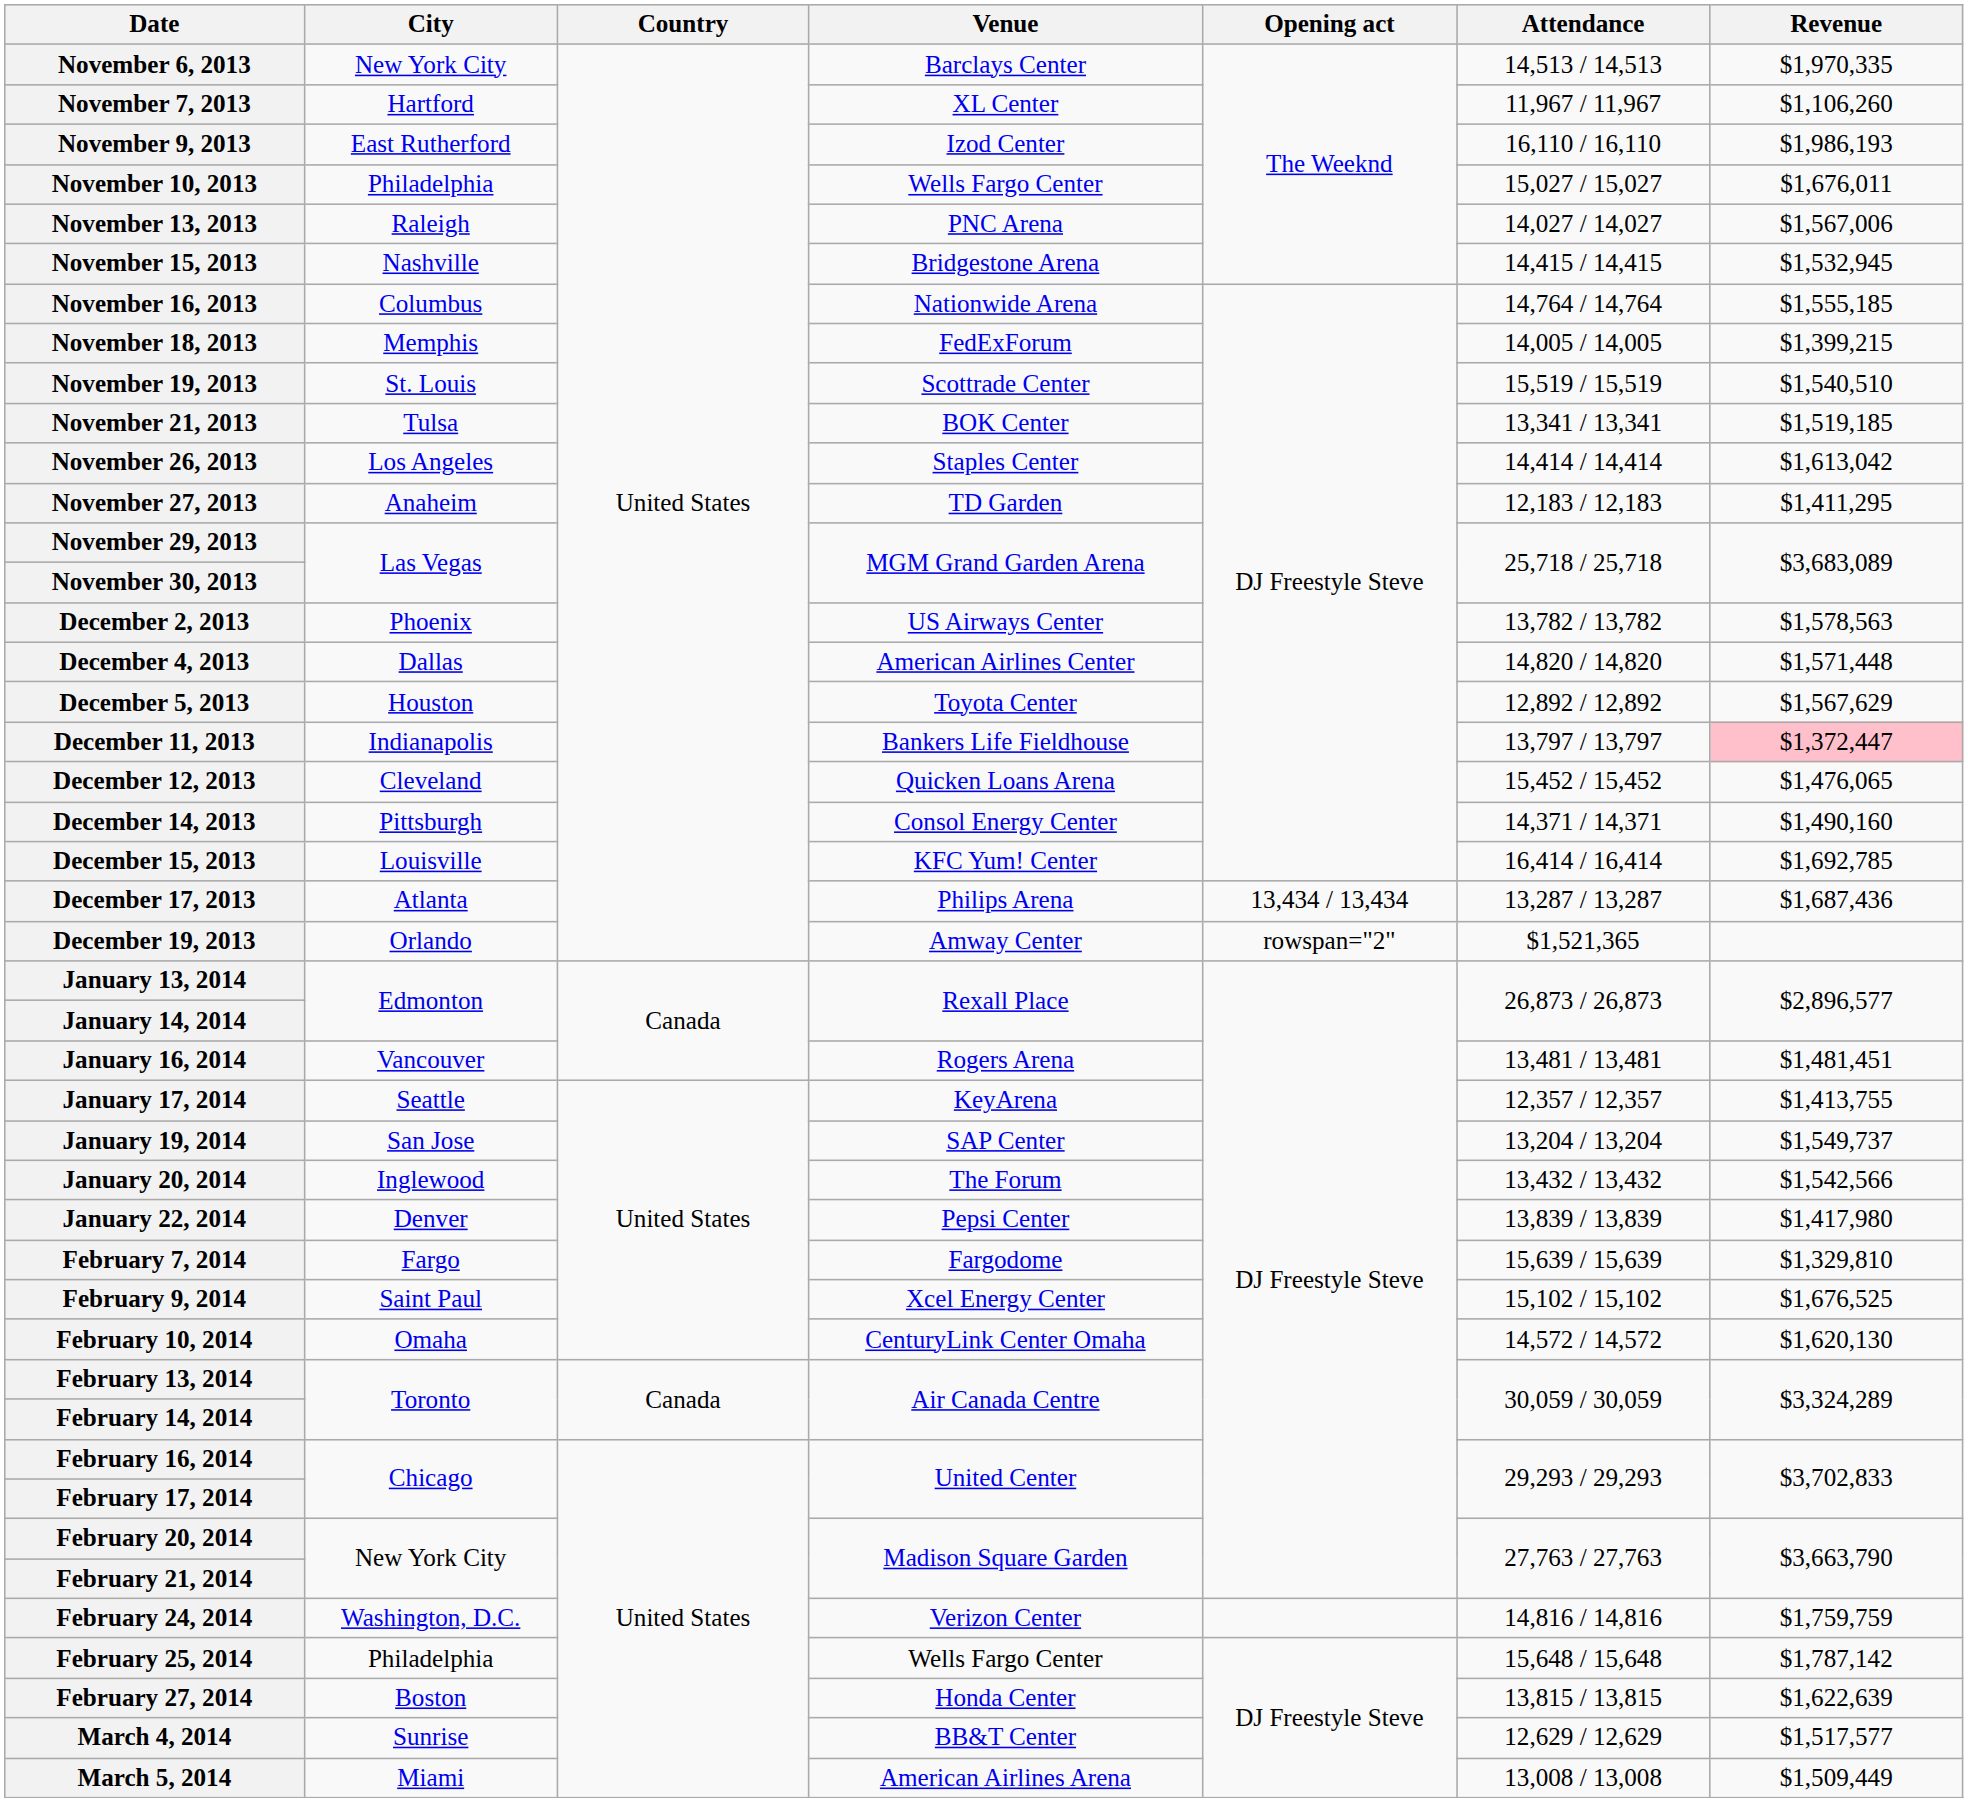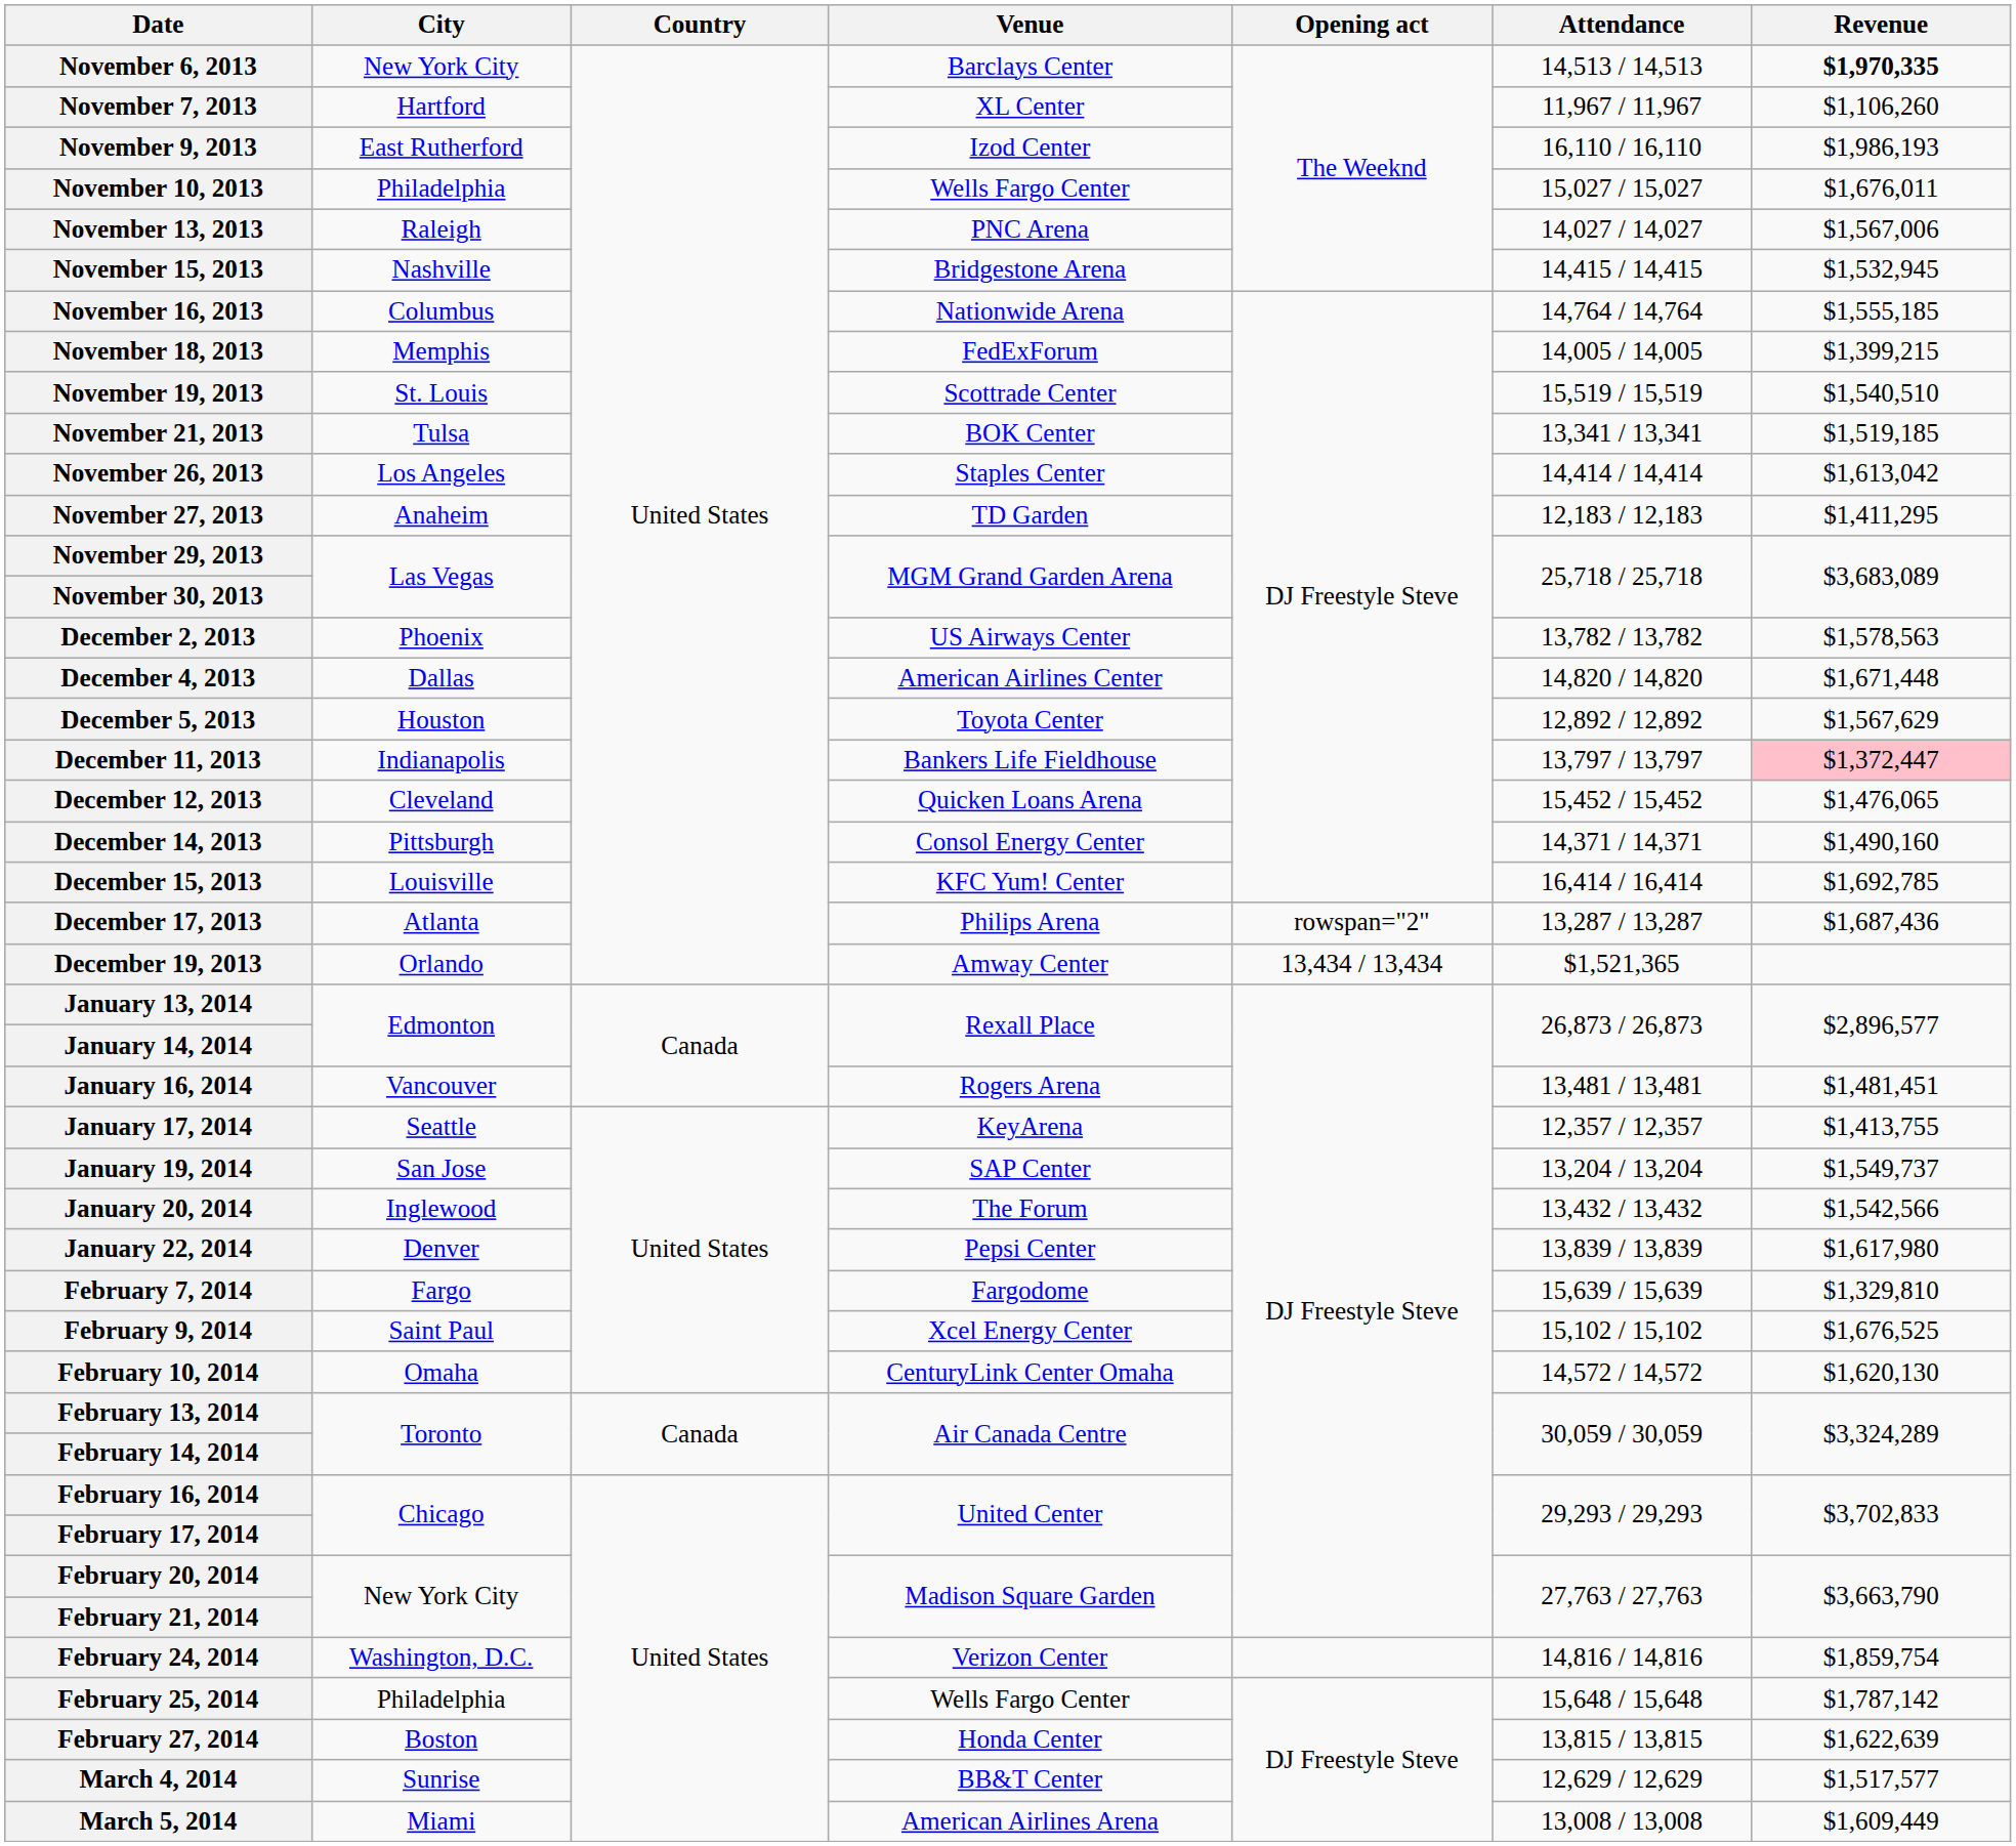 <table class="wikitable plainrowheaders" style="text-align:center;">
 <tr>
 <th scope="col" style="width:12em;">Date</th>
 <th scope="col" style="width:10em;">City</th>
 <th scope="col" style="width:10em;">Country</th>
 <th scope="col" style="width:16em;">Venue</th>
 <th scope="col" style="width:10em;">Opening act</th>
 <th scope="col" style="width:10em;">Attendance</th>
 <th scope="col" style="width:10em;">Revenue</th>
 </tr>
 <tr>
 <th scope="row">November 6, 2013</th>
 <td><a href='#'>New York City</a></td>
 <td rowspan="23">United States</td>
 <td><a href='#'>Barclays Center</a></td>
 <td rowspan="6"><a href='#'>The Weeknd</a></td>
 <td>14,513 / 14,513</td>
-<td>$1,970,335</td>
+<td><strong>$1,970,335</strong></td>
 </tr>
 <tr>
 <th scope="row">November 7, 2013</th>
 <td><a href='#'>Hartford</a></td>
 <td><a href='#'>XL Center</a></td>
 <td>11,967 / 11,967</td>
 <td>$1,106,260</td>
 </tr>
 <tr>
 <th scope="row">November 9, 2013</th>
 <td><a href='#'>East Rutherford</a></td>
 <td><a href='#'>Izod Center</a></td>
 <td>16,110 / 16,110</td>
 <td>$1,986,193</td>
 </tr>
 <tr>
 <th scope="row">November 10, 2013</th>
 <td><a href='#'>Philadelphia</a></td>
 <td><a href='#'>Wells Fargo Center</a></td>
 <td>15,027 / 15,027</td>
 <td>$1,676,011</td>
 </tr>
 <tr>
 <th scope="row">November 13, 2013</th>
 <td><a href='#'>Raleigh</a></td>
 <td><a href='#'>PNC Arena</a></td>
 <td>14,027 / 14,027</td>
 <td>$1,567,006</td>
 </tr>
 <tr>
 <th scope="row">November 15, 2013</th>
 <td><a href='#'>Nashville</a></td>
 <td><a href='#'>Bridgestone Arena</a></td>
 <td>14,415 / 14,415</td>
 <td>$1,532,945</td>
 </tr>
 <tr>
 <th scope="row">November 16, 2013</th>
 <td><a href='#'>Columbus</a></td>
 <td><a href='#'>Nationwide Arena</a></td>
 <td rowspan="15">DJ Freestyle Steve</td>
 <td>14,764 / 14,764</td>
 <td>$1,555,185</td>
 </tr>
 <tr>
 <th scope="row">November 18, 2013</th>
 <td><a href='#'>Memphis</a></td>
 <td><a href='#'>FedExForum</a></td>
 <td>14,005 / 14,005</td>
 <td>$1,399,215</td>
 </tr>
 <tr>
 <th scope="row">November 19, 2013</th>
 <td><a href='#'>St. Louis</a></td>
 <td><a href='#'>Scottrade Center</a></td>
 <td>15,519 / 15,519</td>
 <td>$1,540,510</td>
 </tr>
 <tr>
 <th scope="row">November 21, 2013</th>
 <td><a href='#'>Tulsa</a></td>
 <td><a href='#'>BOK Center</a></td>
 <td>13,341 / 13,341</td>
 <td>$1,519,185</td>
 </tr>
 <tr>
 <th scope="row">November 26, 2013</th>
 <td><a href='#'>Los Angeles</a></td>
 <td><a href='#'>Staples Center</a></td>
 <td>14,414 / 14,414</td>
 <td>$1,613,042</td>
 </tr>
 <tr>
 <th scope="row">November 27, 2013</th>
 <td><a href='#'>Anaheim</a></td>
 <td><a href='#'>TD Garden</a></td>
 <td>12,183 / 12,183</td>
 <td>$1,411,295</td>
 </tr>
 <tr>
 <th scope="row">November 29, 2013</th>
 <td rowspan="2"><a href='#'>Las Vegas</a></td>
 <td rowspan="2"><a href='#'>MGM Grand Garden Arena</a></td>
 <td rowspan="2">25,718 / 25,718</td>
 <td rowspan="2">$3,683,089</td>
 </tr>
 <tr>
 <th scope="row">November 30, 2013</th>
 </tr>
 <tr>
 <th scope="row">December 2, 2013</th>
 <td><a href='#'>Phoenix</a></td>
 <td><a href='#'>US Airways Center</a></td>
 <td>13,782 / 13,782</td>
 <td>$1,578,563</td>
 </tr>
 <tr>
 <th scope="row">December 4, 2013</th>
 <td><a href='#'>Dallas</a></td>
 <td><a href='#'>American Airlines Center</a></td>
 <td>14,820 / 14,820</td>
-<td>$1,571,448</td>
+<td>$1,671,448</td>
 </tr>
 <tr>
 <th scope="row">December 5, 2013</th>
 <td><a href='#'>Houston</a></td>
 <td><a href='#'>Toyota Center</a></td>
 <td>12,892 / 12,892</td>
 <td>$1,567,629</td>
 </tr>
 <tr>
 <th scope="row">December 11, 2013</th>
 <td><a href='#'>Indianapolis</a></td>
 <td><a href='#'>Bankers Life Fieldhouse</a></td>
 <td>13,797 / 13,797</td>
 <td style="background: pink;">$1,372,447</td>
 </tr>
 <tr>
 <th scope="row">December 12, 2013</th>
 <td><a href='#'>Cleveland</a></td>
 <td><a href='#'>Quicken Loans Arena</a></td>
 <td>15,452 / 15,452</td>
 <td>$1,476,065</td>
 </tr>
 <tr>
 <th scope="row">December 14, 2013</th>
 <td><a href='#'>Pittsburgh</a></td>
 <td><a href='#'>Consol Energy Center</a></td>
 <td>14,371 / 14,371</td>
 <td>$1,490,160</td>
 </tr>
 <tr>
 <th scope="row">December 15, 2013</th>
 <td><a href='#'>Louisville</a></td>
 <td><a href='#'>KFC Yum! Center</a></td>
 <td>16,414 / 16,414</td>
 <td>$1,692,785</td>
 </tr>
 <tr>
 <th scope="row">December 17, 2013</th>
 <td><a href='#'>Atlanta</a></td>
 <td><a href='#'>Philips Arena</a></td>
-<td>13,434 / 13,434</td>
+<td>rowspan="2" </td>
 <td>13,287 / 13,287</td>
 <td>$1,687,436</td>
 </tr>
 <tr>
 <th scope="row">December 19, 2013</th>
 <td><a href='#'>Orlando</a></td>
 <td><a href='#'>Amway Center</a></td>
-<td>rowspan="2" </td>
+<td>13,434 / 13,434</td>
 <td>$1,521,365</td>
 </tr>
 <tr>
 <th scope="row">January 13, 2014</th>
 <td rowspan="2"><a href='#'>Edmonton</a></td>
 <td rowspan="3">Canada</td>
 <td rowspan="2"><a href='#'>Rexall Place</a></td>
 <td rowspan="16">DJ Freestyle Steve</td>
 <td rowspan="2">26,873 / 26,873</td>
 <td rowspan="2">$2,896,577</td>
 </tr>
 <tr>
 <th scope="row">January 14, 2014</th>
 </tr>
 <tr>
 <th scope="row">January 16, 2014</th>
 <td><a href='#'>Vancouver</a></td>
 <td><a href='#'>Rogers Arena</a></td>
 <td>13,481 / 13,481</td>
 <td>$1,481,451</td>
 </tr>
 <tr>
 <th scope="row">January 17, 2014</th>
 <td><a href='#'>Seattle</a></td>
 <td rowspan="7">United States</td>
 <td><a href='#'>KeyArena</a></td>
 <td>12,357 / 12,357</td>
 <td>$1,413,755</td>
 </tr>
 <tr>
 <th scope="row">January 19, 2014</th>
 <td><a href='#'>San Jose</a></td>
 <td><a href='#'>SAP Center</a></td>
 <td>13,204 / 13,204</td>
 <td>$1,549,737</td>
 </tr>
 <tr>
 <th scope="row">January 20, 2014</th>
 <td><a href='#'>Inglewood</a></td>
 <td><a href='#'>The Forum</a></td>
 <td>13,432 / 13,432</td>
 <td>$1,542,566</td>
 </tr>
 <tr>
 <th scope="row">January 22, 2014</th>
 <td><a href='#'>Denver</a></td>
 <td><a href='#'>Pepsi Center</a></td>
 <td>13,839 / 13,839</td>
-<td>$1,417,980</td>
+<td>$1,617,980</td>
 </tr>
 <tr>
 <th scope="row">February 7, 2014</th>
 <td><a href='#'>Fargo</a></td>
 <td><a href='#'>Fargodome</a></td>
 <td>15,639 / 15,639</td>
 <td>$1,329,810</td>
 </tr>
 <tr>
 <th scope="row">February 9, 2014</th>
 <td><a href='#'>Saint Paul</a></td>
 <td><a href='#'>Xcel Energy Center</a></td>
 <td>15,102 / 15,102</td>
 <td>$1,676,525</td>
 </tr>
 <tr>
 <th scope="row">February 10, 2014</th>
 <td><a href='#'>Omaha</a></td>
 <td><a href='#'>CenturyLink Center Omaha</a></td>
 <td>14,572 / 14,572</td>
 <td>$1,620,130</td>
 </tr>
 <tr>
 <th scope="row">February 13, 2014</th>
 <td rowspan="2"><a href='#'>Toronto</a></td>
 <td rowspan="2">Canada</td>
 <td rowspan="2"><a href='#'>Air Canada Centre</a></td>
 <td rowspan="2">30,059 / 30,059</td>
 <td rowspan="2">$3,324,289</td>
 </tr>
 <tr>
 <th scope="row">February 14, 2014</th>
 </tr>
 <tr>
 <th scope="row">February 16, 2014</th>
 <td rowspan="2"><a href='#'>Chicago</a></td>
 <td rowspan="9">United States</td>
 <td rowspan="2"><a href='#'>United Center</a></td>
 <td rowspan="2">29,293 / 29,293</td>
 <td rowspan="2">$3,702,833</td>
 </tr>
 <tr>
 <th scope="row">February 17, 2014</th>
 </tr>
 <tr>
 <th scope="row">February 20, 2014</th>
 <td rowspan="2">New York City</td>
 <td rowspan="2"><a href='#'>Madison Square Garden</a></td>
 <td rowspan="2">27,763 / 27,763</td>
 <td rowspan="2">$3,663,790</td>
 </tr>
 <tr>
 <th scope="row">February 21, 2014</th>
 </tr>
 <tr>
 <th scope="row">February 24, 2014</th>
 <td><a href='#'>Washington, D.C.</a></td>
 <td><a href='#'>Verizon Center</a></td>
 <td></td>
 <td>14,816 / 14,816</td>
-<td>$1,759,759</td>
+<td>$1,859,754</td>
 </tr>
 <tr>
 <th scope="row">February 25, 2014</th>
 <td>Philadelphia</td>
 <td>Wells Fargo Center</td>
 <td rowspan="4">DJ Freestyle Steve</td>
 <td>15,648 / 15,648</td>
 <td>$1,787,142</td>
 </tr>
 <tr>
 <th scope="row">February 27, 2014</th>
 <td><a href='#'>Boston</a></td>
 <td><a href='#'>Honda Center</a></td>
 <td>13,815 / 13,815</td>
 <td>$1,622,639</td>
 </tr>
 <tr>
 <th scope="row">March 4, 2014</th>
 <td><a href='#'>Sunrise</a></td>
 <td><a href='#'>BB&T Center</a></td>
 <td>12,629 / 12,629</td>
 <td>$1,517,577</td>
 </tr>
 <tr>
 <th scope="row">March 5, 2014</th>
 <td><a href='#'>Miami</a></td>
 <td><a href='#'>American Airlines Arena</a></td>
 <td>13,008 / 13,008</td>
-<td>$1,509,449</td>
+<td>$1,609,449</td>
 </tr>
 <tr>
 </tr>
 </table>
